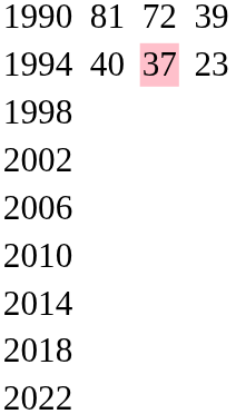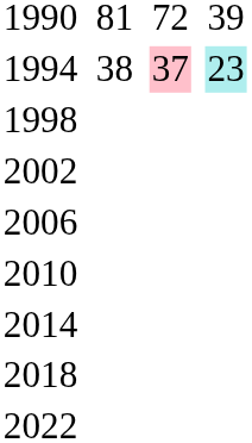 <table>
 <tr>
 <td>1990</td>
 <td></td>
 <td>81</td>
 <td></td>
 <td>72</td>
 <td></td>
 <td>39</td>
 </tr>
 <tr>
 <td>1994</td>
 <td></td>
-<td>40</td>
+<td>38</td>
 <td></td>
 <td style="background: pink;">37</td>
 <td></td>
-<td>23</td>
+<td style="background: paleturquoise;">23</td>
 </tr>
 <tr>
 <td>1998</td>
 <td></td>
 <td></td>
 <td></td>
 <td></td>
 <td></td>
 <td></td>
 </tr>
 <tr>
 <td>2002</td>
 <td></td>
 <td></td>
 <td></td>
 <td></td>
 <td></td>
 <td></td>
 </tr>
 <tr>
 <td>2006<br></td>
 <td></td>
 <td></td>
 <td></td>
 <td></td>
 <td></td>
 <td></td>
 </tr>
 <tr>
 <td>2010<br></td>
 <td></td>
 <td></td>
 <td></td>
 <td></td>
 <td></td>
 <td></td>
 </tr>
 <tr>
 <td>2014<br></td>
 <td></td>
 <td></td>
 <td></td>
 <td></td>
 <td></td>
 <td></td>
 </tr>
 <tr>
 <td>2018<br></td>
 <td></td>
 <td></td>
 <td></td>
 <td></td>
 <td></td>
 <td></td>
 </tr>
 <tr>
 <td>2022<br></td>
 <td></td>
 <td></td>
 <td></td>
 <td></td>
 <td></td>
 <td></td>
 </tr>
 </table>
